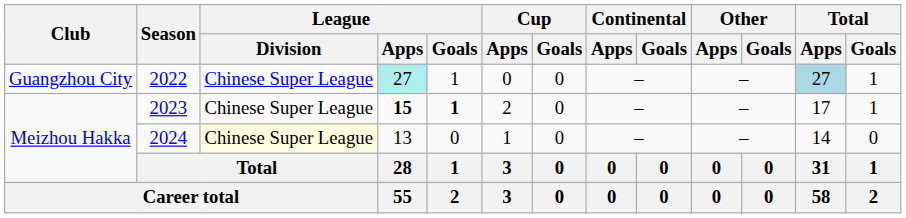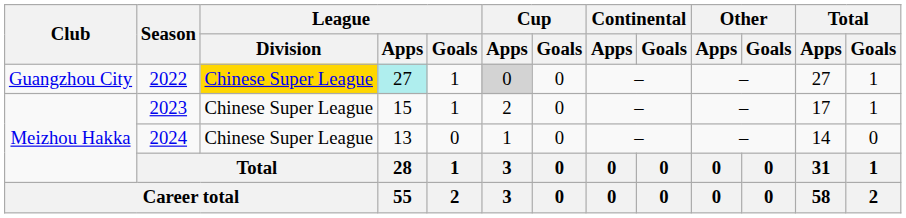 <table class="wikitable" style="text-align: center">
 <tr>
 <th rowspan="2">Club</th>
 <th rowspan="2">Season</th>
 <th colspan="3">League</th>
 <th colspan="2">Cup</th>
 <th colspan="2">Continental</th>
 <th colspan="2">Other</th>
 <th colspan="2">Total</th>
 </tr>
 <tr>
 <th>Division</th>
 <th>Apps</th>
 <th>Goals</th>
 <th>Apps</th>
 <th>Goals</th>
 <th>Apps</th>
 <th>Goals</th>
 <th>Apps</th>
 <th>Goals</th>
 <th>Apps</th>
 <th>Goals</th>
 </tr>
 <tr>
 <td><a href='#'>Guangzhou City</a></td>
 <td><a href='#'>2022</a></td>
-<td><a href='#'>Chinese Super League</a></td>
+<td style="background: gold;"><a href='#'>Chinese Super League</a></td>
 <td style="background: paleturquoise;">27</td>
 <td>1</td>
-<td>0</td>
+<td style="background: lightgrey;">0</td>
 <td>0</td>
 <td colspan="2">–</td>
 <td colspan="2">–</td>
-<td style="background: lightblue;">27</td>
+<td>27</td>
 <td>1</td>
 </tr>
 <tr>
 <td rowspan="3"><a href='#'>Meizhou Hakka</a></td>
 <td><a href='#'>2023</a></td>
 <td>Chinese Super League</td>
-<td><strong>15</strong></td>
-<td><strong>1</strong></td>
+<td>15</td>
+<td>1</td>
 <td>2</td>
 <td>0</td>
 <td colspan="2">–</td>
 <td colspan="2">–</td>
 <td>17</td>
 <td>1</td>
 </tr>
 <tr>
 <td><a href='#'>2024</a></td>
-<td style="background: lightyellow;">Chinese Super League</td>
+<td>Chinese Super League</td>
 <td>13</td>
 <td>0</td>
 <td>1</td>
 <td>0</td>
 <td colspan="2">–</td>
 <td colspan="2">–</td>
 <td>14</td>
 <td>0</td>
 </tr>
 <tr>
 <th colspan=2>Total</th>
 <th>28</th>
 <th>1</th>
 <th>3</th>
 <th>0</th>
 <th>0</th>
 <th>0</th>
 <th>0</th>
 <th>0</th>
 <th>31</th>
 <th>1</th>
 </tr>
 <tr>
 <th colspan=3>Career total</th>
 <th>55</th>
 <th>2</th>
 <th>3</th>
 <th>0</th>
 <th>0</th>
 <th>0</th>
 <th>0</th>
 <th>0</th>
 <th>58</th>
 <th>2</th>
 </tr>
 </table>
